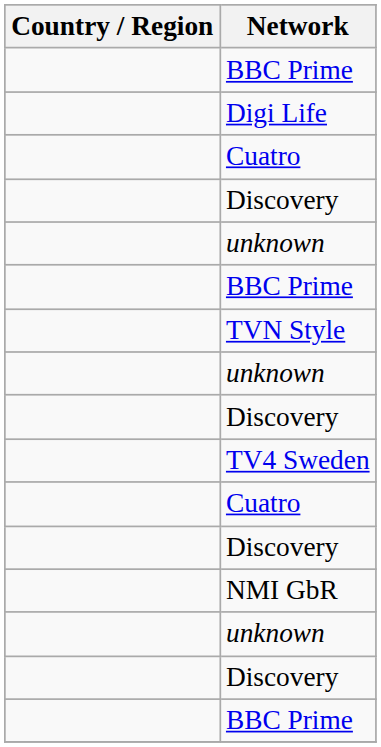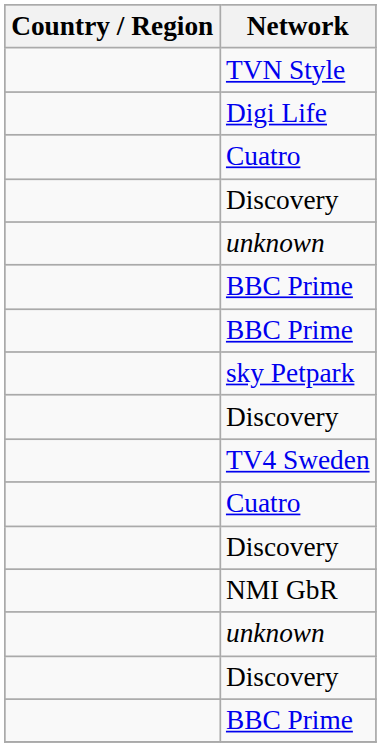 <table class="wikitable">
 <tr>
 <th>Country / Region</th>
 <th>Network</th>
 </tr>
 <tr>
 <td></td>
-<td><a href='#'>BBC Prime</a></td>
+<td><a href='#'>TVN Style</a></td>
 </tr>
 <tr>
 <td></td>
 <td><a href='#'>Digi Life</a></td>
 </tr>
 <tr>
 <td></td>
 <td><a href='#'>Cuatro</a></td>
 </tr>
 <tr>
 <td></td>
 <td>Discovery</td>
 </tr>
 <tr>
 <td></td>
 <td><em>unknown</em></td>
 </tr>
 <tr>
 <td></td>
 <td><a href='#'>BBC Prime</a></td>
 </tr>
 <tr>
 <td></td>
-<td><a href='#'>TVN Style</a></td>
+<td><a href='#'>BBC Prime</a></td>
 </tr>
 <tr>
 <td></td>
-<td><em>unknown</em></td>
+<td><a href='#'>sky Petpark</a></td>
 </tr>
 <tr>
 <td></td>
 <td>Discovery</td>
 </tr>
 <tr>
 <td></td>
 <td><a href='#'>TV4 Sweden</a></td>
 </tr>
 <tr>
 <td></td>
 <td><a href='#'>Cuatro</a></td>
 </tr>
 <tr>
 <td></td>
 <td>Discovery</td>
 </tr>
 <tr>
 <td></td>
 <td>NMI GbR</td>
 </tr>
 <tr>
 <td></td>
 <td><em>unknown</em></td>
 </tr>
 <tr>
 <td></td>
 <td>Discovery</td>
 </tr>
 <tr>
 <td></td>
 <td><a href='#'>BBC Prime</a></td>
 </tr>
 <tr>
 </tr>
 </table>
